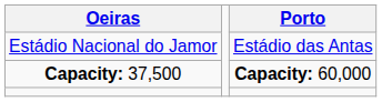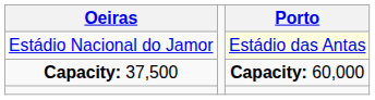 <table class="wikitable" style="text-align:center">
 <tr>
 <th><a href='#'>Oeiras</a></th>
 <td rowspan="4"></td>
 <th><a href='#'>Porto</a></th>
 </tr>
 <tr>
 <td><a href='#'>Estádio Nacional do Jamor</a></td>
-<td><a href='#'>Estádio das Antas</a></td>
+<td style="background: lightyellow;"><a href='#'>Estádio das Antas</a></td>
 </tr>
 <tr>
 <td><strong>Capacity:</strong> 37,500</td>
 <td><strong>Capacity:</strong> 60,000</td>
 </tr>
 <tr>
 <td></td>
 <td></td>
 </tr>
 </table>
